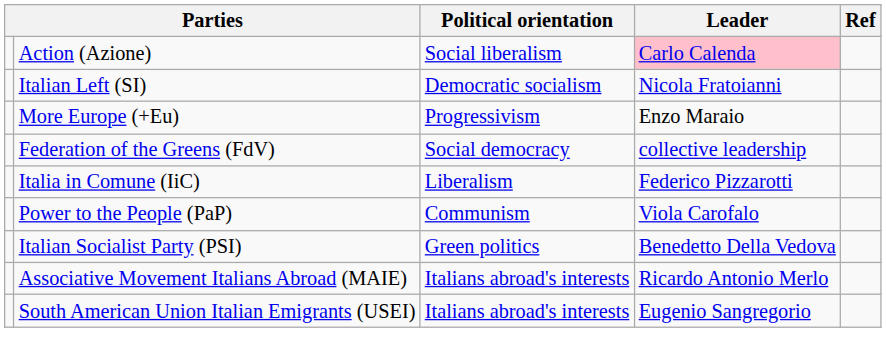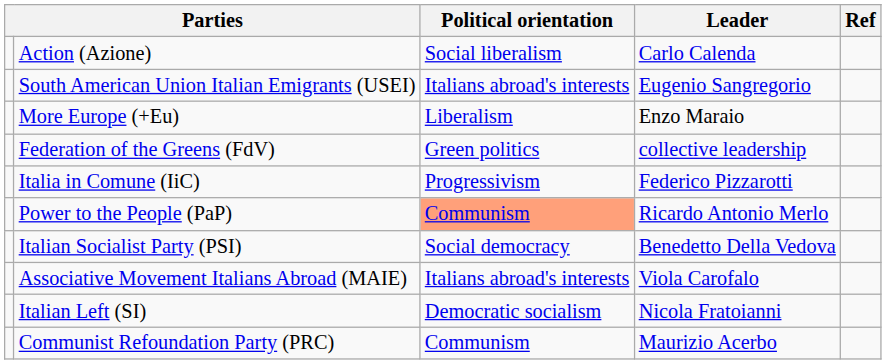 <table class="wikitable">
 <tr>
 <th colspan=2>Parties</th>
 <th>Political orientation</th>
 <th>Leader</th>
 <th>Ref</th>
 </tr>
 <tr>
 <td style="background-color:"></td>
 <td><a href='#'>Action</a> (Azione)</td>
 <td><a href='#'>Social liberalism</a></td>
-<td style="background: pink;"><a href='#'>Carlo Calenda</a></td>
+<td><a href='#'>Carlo Calenda</a></td>
+<td></td>
+</tr>
+<tr>
+<td style="background-color: "></td>
+<td><a href='#'>South American Union Italian Emigrants</a> (USEI)</td>
+<td><a href='#'>Italians abroad's interests</a></td>
+<td><a href='#'>Eugenio Sangregorio</a></td>
+<td></td>
+</tr>
+<tr>
+<td style="background-color:"></td>
+<td><a href='#'>More Europe</a> (+Eu)</td>
+<td><a href='#'>Liberalism</a></td>
+<td>Enzo Maraio</td>
+<td></td>
+</tr>
+<tr>
+<td style="background:"></td>
+<td><a href='#'>Federation of the Greens</a> (FdV)</td>
+<td><a href='#'>Green politics</a></td>
+<td><a href='#'>collective leadership</a></td>
+<td></td>
+</tr>
+<tr>
+<td style="background-color: "></td>
+<td><a href='#'>Italia in Comune</a> (IiC)</td>
+<td><a href='#'>Progressivism</a></td>
+<td><a href='#'>Federico Pizzarotti</a></td>
+<td></td>
+</tr>
+<tr>
+<td></td>
+<td><a href='#'>Power to the People</a> (PaP)</td>
+<td style="background: lightsalmon;"><a href='#'>Communism</a></td>
+<td><a href='#'>Ricardo Antonio Merlo</a></td>
+<td></td>
+</tr>
+<tr>
+<td style="background-color: "></td>
+<td><a href='#'>Italian Socialist Party</a> (PSI)</td>
+<td><a href='#'>Social democracy</a></td>
+<td><a href='#'>Benedetto Della Vedova</a></td>
+<td></td>
+</tr>
+<tr>
+<td style="background-color: "></td>
+<td><a href='#'>Associative Movement Italians Abroad</a> (MAIE)</td>
+<td><a href='#'>Italians abroad's interests</a></td>
+<td><a href='#'>Viola Carofalo</a></td>
 <td></td>
 </tr>
 <tr>
 <td style="background:"></td>
 <td><a href='#'>Italian Left</a> (SI)</td>
 <td><a href='#'>Democratic socialism</a></td>
 <td><a href='#'>Nicola Fratoianni</a></td>
 <td></td>
 </tr>
 <tr>
-<td style="background-color:"></td>
-<td><a href='#'>More Europe</a> (+Eu)</td>
-<td><a href='#'>Progressivism</a></td>
-<td>Enzo Maraio</td>
-<td></td>
-</tr>
-<tr>
-<td style="background:"></td>
-<td><a href='#'>Federation of the Greens</a> (FdV)</td>
-<td><a href='#'>Social democracy</a></td>
-<td><a href='#'>collective leadership</a></td>
-<td></td>
-</tr>
-<tr>
 <td style="background-color: "></td>
-<td><a href='#'>Italia in Comune</a> (IiC)</td>
-<td><a href='#'>Liberalism</a></td>
-<td><a href='#'>Federico Pizzarotti</a></td>
-<td></td>
-</tr>
-<tr>
-<td></td>
-<td><a href='#'>Power to the People</a> (PaP)</td>
+<td><a href='#'>Communist Refoundation Party</a> (PRC)</td>
 <td><a href='#'>Communism</a></td>
-<td><a href='#'>Viola Carofalo</a></td>
-<td></td>
-</tr>
-<tr>
-<td style="background-color: "></td>
-<td><a href='#'>Italian Socialist Party</a> (PSI)</td>
-<td><a href='#'>Green politics</a></td>
-<td><a href='#'>Benedetto Della Vedova</a></td>
-<td></td>
-</tr>
-<tr>
-<td style="background-color: "></td>
-<td><a href='#'>Associative Movement Italians Abroad</a> (MAIE)</td>
-<td><a href='#'>Italians abroad's interests</a></td>
-<td><a href='#'>Ricardo Antonio Merlo</a></td>
-<td></td>
-</tr>
-<tr>
-<td style="background-color: "></td>
-<td><a href='#'>South American Union Italian Emigrants</a> (USEI)</td>
-<td><a href='#'>Italians abroad's interests</a></td>
-<td><a href='#'>Eugenio Sangregorio</a></td>
+<td><a href='#'>Maurizio Acerbo</a></td>
 <td></td>
 </tr>
 </table>
